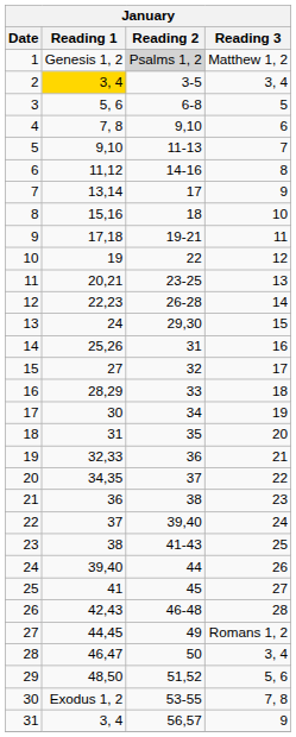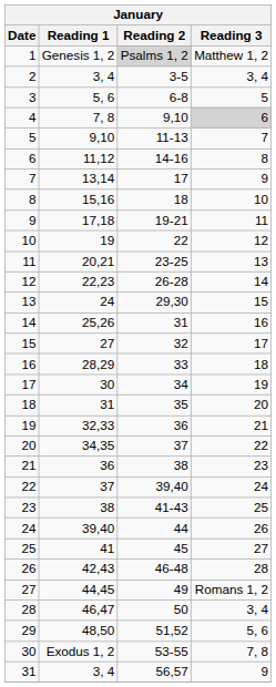 <table class="wikitable" style="text-align:right">
 <tr>
 <th colspan="4">January</th>
 </tr>
 <tr>
 <th>Date</th>
 <th>Reading 1</th>
 <th>Reading 2</th>
 <th>Reading 3</th>
 </tr>
 <tr>
 <td>1</td>
 <td>Genesis 1, 2</td>
 <td style="background: lightgrey;">Psalms 1, 2</td>
 <td>Matthew 1, 2</td>
 </tr>
 <tr>
 <td>2</td>
-<td style="background: gold;">3, 4</td>
+<td>3, 4</td>
 <td>3-5</td>
 <td>3, 4</td>
 </tr>
 <tr>
 <td>3</td>
 <td>5, 6</td>
 <td>6-8</td>
 <td>5</td>
 </tr>
 <tr>
 <td>4</td>
 <td>7, 8</td>
 <td>9,10</td>
-<td>6</td>
+<td style="background: lightgrey;">6</td>
 </tr>
 <tr>
 <td>5</td>
 <td>9,10</td>
 <td>11-13</td>
 <td>7</td>
 </tr>
 <tr>
 <td>6</td>
 <td>11,12</td>
 <td>14-16</td>
 <td>8</td>
 </tr>
 <tr>
 <td>7</td>
 <td>13,14</td>
 <td>17</td>
 <td>9</td>
 </tr>
 <tr>
 <td>8</td>
 <td>15,16</td>
 <td>18</td>
 <td>10</td>
 </tr>
 <tr>
 <td>9</td>
 <td>17,18</td>
 <td>19-21</td>
 <td>11</td>
 </tr>
 <tr>
 <td>10</td>
 <td>19</td>
 <td>22</td>
 <td>12</td>
 </tr>
 <tr>
 <td>11</td>
 <td>20,21</td>
 <td>23-25</td>
 <td>13</td>
 </tr>
 <tr>
 <td>12</td>
 <td>22,23</td>
 <td>26-28</td>
 <td>14</td>
 </tr>
 <tr>
 <td>13</td>
 <td>24</td>
 <td>29,30</td>
 <td>15</td>
 </tr>
 <tr>
 <td>14</td>
 <td>25,26</td>
 <td>31</td>
 <td>16</td>
 </tr>
 <tr>
 <td>15</td>
 <td>27</td>
 <td>32</td>
 <td>17</td>
 </tr>
 <tr>
 <td>16</td>
 <td>28,29</td>
 <td>33</td>
 <td>18</td>
 </tr>
 <tr>
 <td>17</td>
 <td>30</td>
 <td>34</td>
 <td>19</td>
 </tr>
 <tr>
 <td>18</td>
 <td>31</td>
 <td>35</td>
 <td>20</td>
 </tr>
 <tr>
 <td>19</td>
 <td>32,33</td>
 <td>36</td>
 <td>21</td>
 </tr>
 <tr>
 <td>20</td>
 <td>34,35</td>
 <td>37</td>
 <td>22</td>
 </tr>
 <tr>
 <td>21</td>
 <td>36</td>
 <td>38</td>
 <td>23</td>
 </tr>
 <tr>
 <td>22</td>
 <td>37</td>
 <td>39,40</td>
 <td>24</td>
 </tr>
 <tr>
 <td>23</td>
 <td>38</td>
 <td>41-43</td>
 <td>25</td>
 </tr>
 <tr>
 <td>24</td>
 <td>39,40</td>
 <td>44</td>
 <td>26</td>
 </tr>
 <tr>
 <td>25</td>
 <td>41</td>
 <td>45</td>
 <td>27</td>
 </tr>
 <tr>
 <td>26</td>
 <td>42,43</td>
 <td>46-48</td>
 <td>28</td>
 </tr>
 <tr>
 <td>27</td>
 <td>44,45</td>
 <td>49</td>
 <td>Romans 1, 2</td>
 </tr>
 <tr>
 <td>28</td>
 <td>46,47</td>
 <td>50</td>
 <td>3, 4</td>
 </tr>
 <tr>
 <td>29</td>
 <td>48,50</td>
 <td>51,52</td>
 <td>5, 6</td>
 </tr>
 <tr>
 <td>30</td>
 <td>Exodus 1, 2</td>
 <td>53-55</td>
 <td>7, 8</td>
 </tr>
 <tr>
 <td>31</td>
 <td>3, 4</td>
 <td>56,57</td>
 <td>9</td>
 </tr>
 <tr>
 </tr>
 </table>
